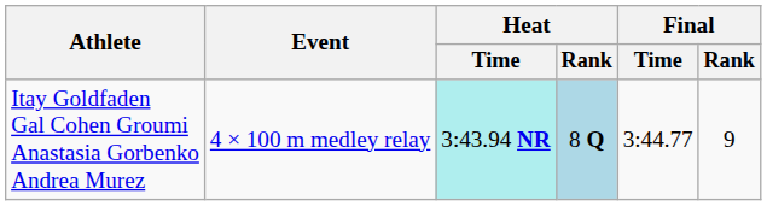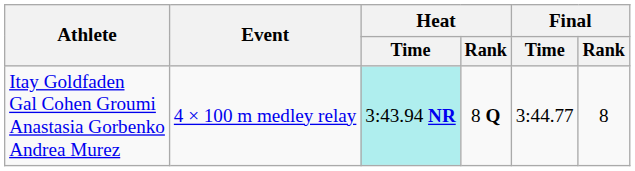 <table class=wikitable style="font-size:90%; text-align:center">
 <tr>
 <th rowspan=2>Athlete</th>
 <th rowspan=2>Event</th>
 <th colspan=2>Heat</th>
 <th colspan=2>Final</th>
 </tr>
 <tr style=font-size:95%>
 <th>Time</th>
 <th>Rank</th>
 <th>Time</th>
 <th>Rank</th>
 </tr>
 <tr>
 <td align=left><a href='#'>Itay Goldfaden</a><br><a href='#'>Gal Cohen Groumi</a><br><a href='#'>Anastasia Gorbenko</a><br><a href='#'>Andrea Murez</a></td>
 <td align=left><a href='#'>4 × 100 m medley relay</a></td>
 <td style="background: paleturquoise;">3:43.94 <strong><a href='#'>NR</a></strong></td>
-<td style="background: lightblue;">8 <strong>Q</strong></td>
+<td>8 <strong>Q</strong></td>
 <td>3:44.77</td>
-<td>9</td>
+<td>8</td>
 </tr>
 </table>
